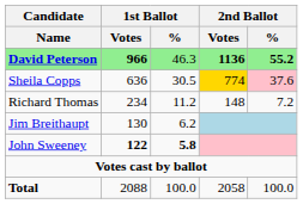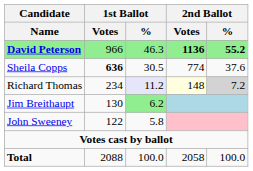 <table class="wikitable">
 <tr>
 <th>Candidate</th>
 <th colspan = "2">1st Ballot</th>
 <th colspan = "2">2nd Ballot</th>
 </tr>
 <tr>
 <th>Name</th>
 <th width = "50">Votes</th>
 <th width = "50">%</th>
 <th width = "50">Votes</th>
 <th width = "50">%</th>
 </tr>
 <tr style="text-align:right;background:lightgreen;">
 <td style="text-align:left;"><strong><a href='#'>David Peterson</a></strong></td>
-<td><strong>966</strong></td>
+<td>966</td>
 <td>46.3</td>
 <td><strong>1136</strong></td>
 <td><strong>55.2</strong></td>
 </tr>
 <tr style="text-align:right;">
 <td style="text-align:left;"><a href='#'>Sheila Copps</a></td>
-<td>636</td>
+<td><strong>636</strong></td>
 <td>30.5</td>
-<td style="background: gold;">774</td>
-<td style="background: pink;">37.6</td>
+<td>774</td>
+<td>37.6</td>
 </tr>
 <tr style="text-align:right;">
 <td style="text-align:left;">Richard Thomas</td>
 <td>234</td>
-<td>11.2</td>
-<td>148</td>
-<td>7.2</td>
+<td style="background: lavender;">11.2</td>
+<td style="background: lightyellow;">148</td>
+<td style="background: lightgrey;">7.2</td>
 </tr>
 <tr style="text-align:right;">
 <td style="text-align:left;"><a href='#'>Jim Breithaupt</a></td>
 <td>130</td>
-<td>6.2</td>
+<td style="background: lightgreen;">6.2</td>
 <td style="text-align:left;background:lightblue" colspan = "2"></td>
 </tr>
 <tr style="text-align:right;">
 <td style="text-align:left;"><a href='#'>John Sweeney</a></td>
-<td><strong>122</strong></td>
-<td><strong>5.8</strong></td>
+<td>122</td>
+<td>5.8</td>
 <td style="text-align:left;background:pink" colspan = "2"></td>
 </tr>
 <tr style="text-align:center;">
 <td colspan = "11"><strong>Votes cast by ballot</strong></td>
 </tr>
 <tr style="text-align:right;">
 <td style="text-align:left;"><strong>Total</strong></td>
 <td>2088</td>
 <td>100.0</td>
 <td>2058</td>
 <td>100.0</td>
 </tr>
 </table>
